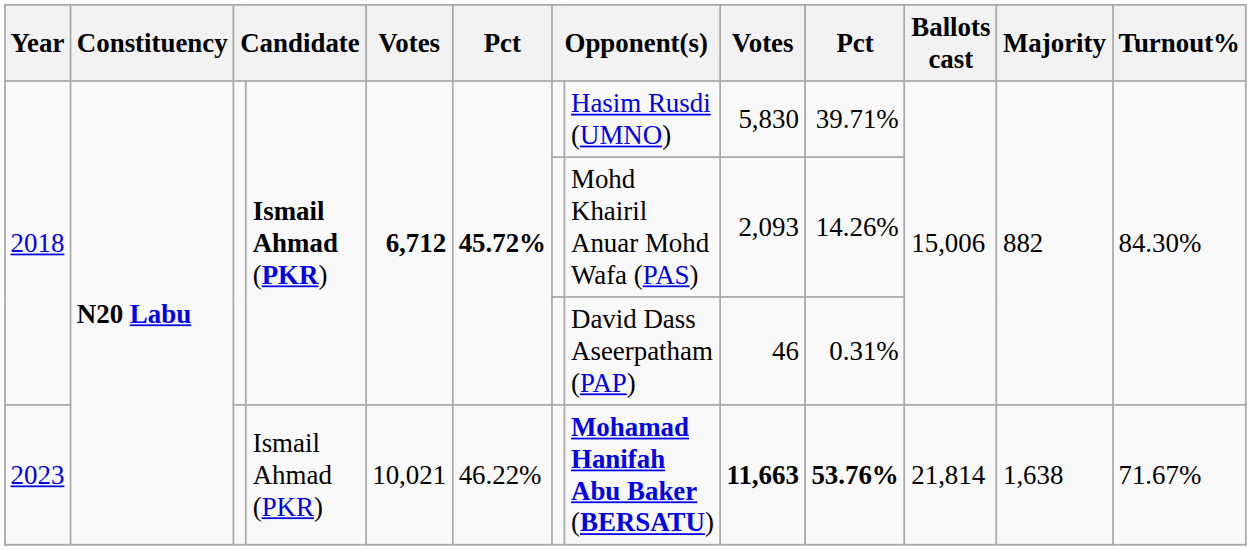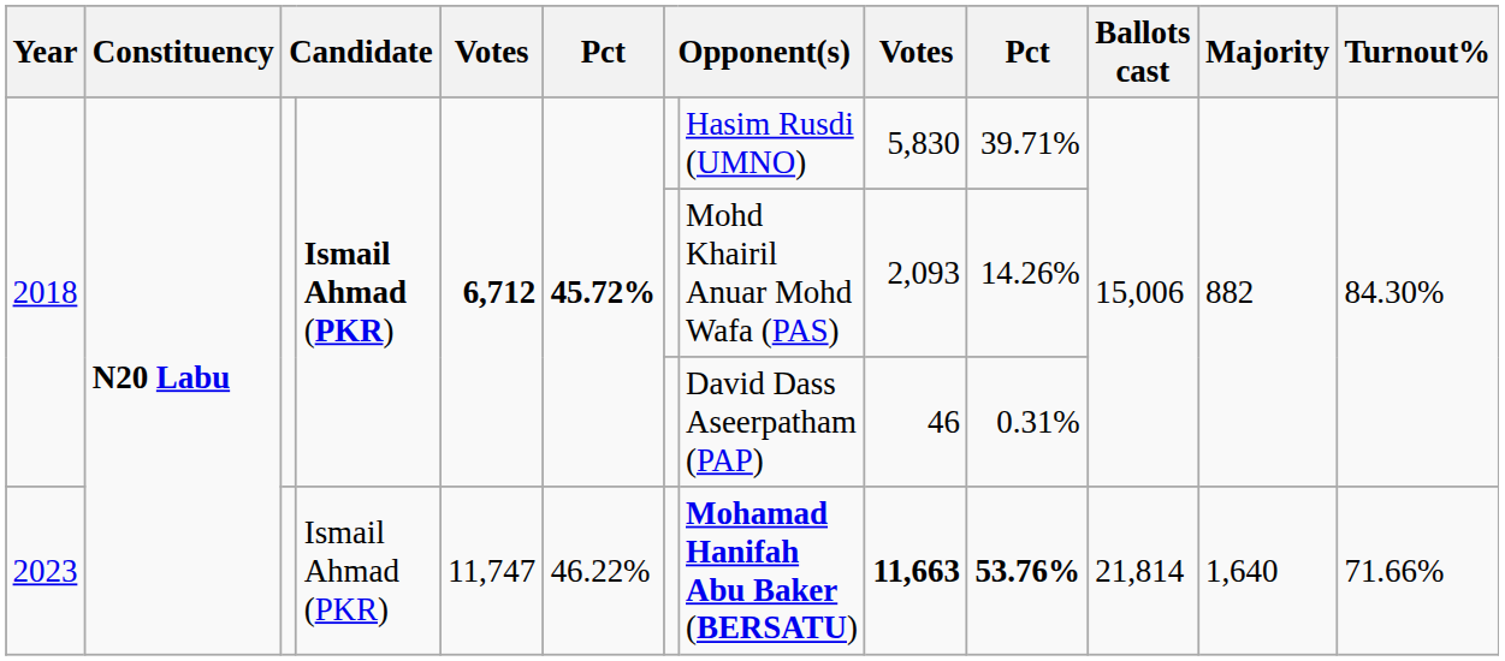 <table class="wikitable" style="margin:0.5em ; font-size:95%">
 <tr>
 <th>Year</th>
 <th>Constituency</th>
 <th colspan=2>Candidate</th>
 <th>Votes</th>
 <th>Pct</th>
 <th colspan=2>Opponent(s)</th>
 <th>Votes</th>
 <th>Pct</th>
 <th>Ballots cast</th>
 <th>Majority</th>
 <th>Turnout%</th>
 </tr>
 <tr>
 <td rowspan=3><a href='#'>2018</a></td>
 <td rowspan=4><strong>N20 <a href='#'>Labu</a></strong></td>
 <td rowspan=3 ></td>
 <td rowspan=3><strong>Ismail Ahmad</strong> (<a href='#'><strong>PKR</strong></a>)</td>
 <td rowspan=3 align="right"><strong>6,712</strong></td>
 <td rowspan=3 align="right"><strong>45.72%</strong></td>
 <td></td>
 <td><a href='#'>Hasim Rusdi</a> (<a href='#'>UMNO</a>)</td>
 <td align="right">5,830</td>
 <td align="right">39.71%</td>
 <td rowspan=3>15,006</td>
 <td rowspan=3>882</td>
 <td rowspan=3>84.30%</td>
 </tr>
 <tr>
 <td></td>
 <td>Mohd Khairil Anuar Mohd Wafa (<a href='#'>PAS</a>)</td>
 <td align="right">2,093</td>
 <td align="right">14.26%</td>
 </tr>
 <tr>
 <td></td>
 <td>David Dass Aseerpatham (<a href='#'>PAP</a>)</td>
 <td align="right">46</td>
 <td align="right">0.31%</td>
 </tr>
 <tr>
 <td><a href='#'>2023</a></td>
 <td></td>
 <td>Ismail Ahmad (<a href='#'>PKR</a>)</td>
-<td align="right">10,021</td>
+<td align="right">11,747</td>
 <td>46.22%</td>
 <td bgcolor=></td>
 <td><strong><a href='#'>Mohamad Hanifah Abu Baker</a></strong> (<a href='#'><strong>BERSATU</strong></a>)</td>
 <td align=right><strong>11,663</strong></td>
 <td><strong>53.76%</strong></td>
 <td>21,814</td>
-<td>1,638</td>
-<td>71.67%</td>
+<td>1,640</td>
+<td>71.66%</td>
 </tr>
 </table>
